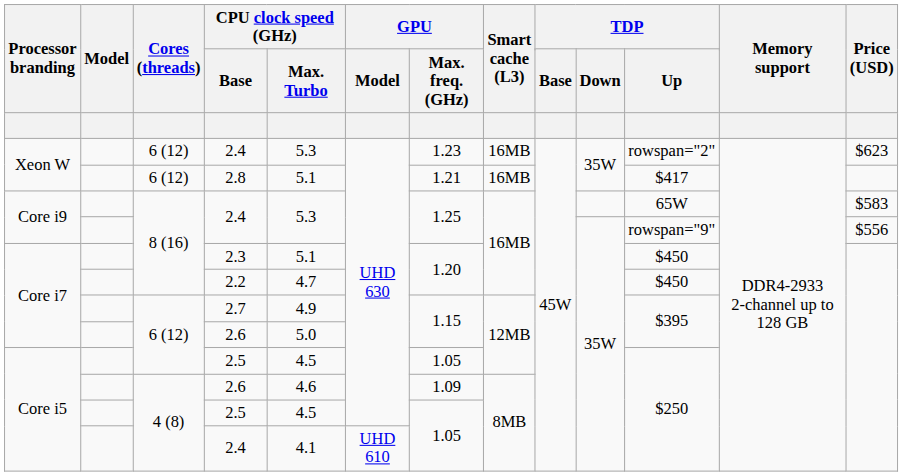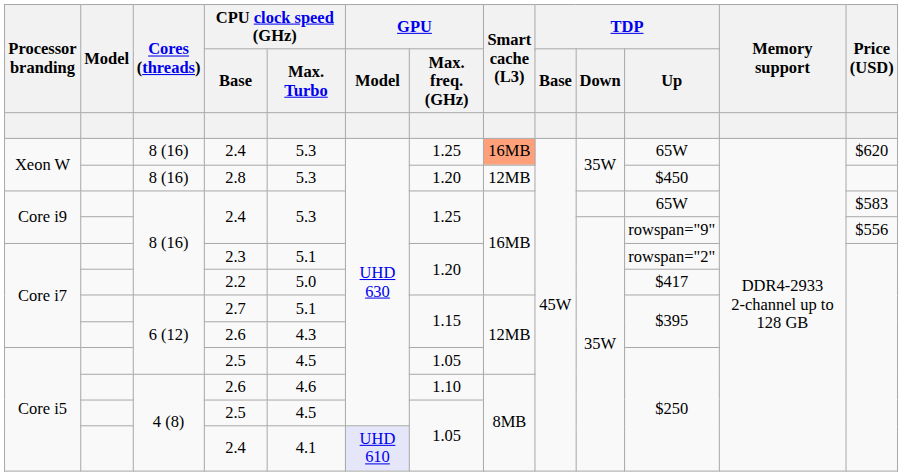 <table class="wikitable sortable hover-highlight" style="text-align: center;">
 <tr>
 <th rowspan="3">Processor <br> branding</th>
 <th rowspan="3">Model</th>
 <th rowspan="3"><a href='#'>Cores</a> <br> (<a href='#'>threads</a>)</th>
 <th colspan="2">CPU <a href='#'>clock speed</a> (GHz)</th>
 <th colspan="2"><a href='#'>GPU</a></th>
 <th rowspan="3">Smart <br> cache <br> (L3)</th>
 <th colspan="3" rowspan="2"><a href='#'>TDP</a></th>
 <th rowspan="3">Memory support</th>
 <th rowspan="3">Price <br> (USD)</th>
 </tr>
 <tr>
 <th rowspan="2">Base</th>
 <th rowspan="2">Max.<br><a href='#'>Turbo</a></th>
 <th rowspan="2">Model</th>
 <th rowspan="2">Max.<br>freq. (GHz)</th>
 </tr>
 <tr>
 <th>Base</th>
 <th>Down</th>
 <th>Up</th>
 </tr>
 <tr>
 <th style="background-position:center"><br></th>
 <th style="background-position:center"></th>
 <th style="background-position:center"></th>
 <th style="background-position:center"></th>
 <th style="background-position:center"></th>
 <th style="background-position:center"></th>
 <th style="background-position:center"></th>
 <th style="background-position:center"></th>
 <th style="background-position:center"></th>
 <th style="background-position:center"></th>
 <th style="background-position:center"></th>
 <th style="background-position:center"></th>
 <th style="background-position:center"></th>
 </tr>
 <tr>
 <td rowspan="2">Xeon W</td>
 <td></td>
-<td>6 (12)</td>
+<td>8 (16)</td>
 <td>2.4</td>
 <td>5.3</td>
 <td rowspan="11"><a href='#'>UHD 630</a></td>
-<td>1.23</td>
-<td>16MB</td>
+<td>1.25</td>
+<td style="background: lightsalmon;">16MB</td>
 <td rowspan="12">45W</td>
 <td rowspan="2">35W</td>
-<td>rowspan="2" </td>
+<td>65W</td>
 <td rowspan="12">DDR4-2933<br>2-channel up to 128 GB</td>
-<td>$623</td>
+<td>$620</td>
 </tr>
 <tr>
 <td></td>
-<td>6 (12)</td>
+<td>8 (16)</td>
 <td>2.8</td>
-<td>5.1</td>
-<td>1.21</td>
-<td>16MB</td>
-<td>$417</td>
+<td>5.3</td>
+<td>1.20</td>
+<td>12MB</td>
+<td>$450</td>
 </tr>
 <tr>
 <td rowspan="2">Core i9</td>
 <td></td>
 <td rowspan="4">8 (16)</td>
 <td rowspan="2">2.4</td>
 <td rowspan="2">5.3</td>
 <td rowspan="2">1.25</td>
 <td rowspan="4">16MB</td>
 <td></td>
 <td>65W</td>
 <td>$583</td>
 </tr>
 <tr>
 <td></td>
 <td rowspan="9">35W</td>
 <td>rowspan="9" </td>
 <td>$556</td>
 </tr>
 <tr>
 <td rowspan="4">Core i7</td>
 <td></td>
 <td>2.3</td>
 <td>5.1</td>
 <td rowspan="2">1.20</td>
-<td>$450</td>
+<td>rowspan="2" </td>
 </tr>
 <tr>
 <td></td>
 <td>2.2</td>
-<td>4.7</td>
-<td>$450</td>
+<td>5.0</td>
+<td>$417</td>
 </tr>
 <tr>
 <td></td>
 <td rowspan="3">6 (12)</td>
 <td>2.7</td>
-<td>4.9</td>
+<td>5.1</td>
 <td rowspan="2">1.15</td>
 <td rowspan="3">12MB</td>
 <td rowspan="2">$395</td>
 </tr>
 <tr>
 <td></td>
 <td>2.6</td>
-<td>5.0</td>
+<td>4.3</td>
 </tr>
 <tr>
 <td rowspan="4">Core i5</td>
 <td></td>
 <td>2.5</td>
 <td>4.5</td>
 <td>1.05</td>
 <td rowspan="4">$250</td>
 </tr>
 <tr>
 <td></td>
 <td rowspan="3">4 (8)</td>
 <td>2.6</td>
 <td>4.6</td>
-<td>1.09</td>
+<td>1.10</td>
 <td rowspan="3">8MB</td>
 </tr>
 <tr>
 <td></td>
 <td>2.5</td>
 <td>4.5</td>
 <td rowspan="2">1.05</td>
 </tr>
 <tr>
 <td></td>
 <td>2.4</td>
 <td>4.1</td>
-<td><a href='#'>UHD 610</a></td>
+<td style="background: lavender;"><a href='#'>UHD 610</a></td>
 </tr>
 </table>
